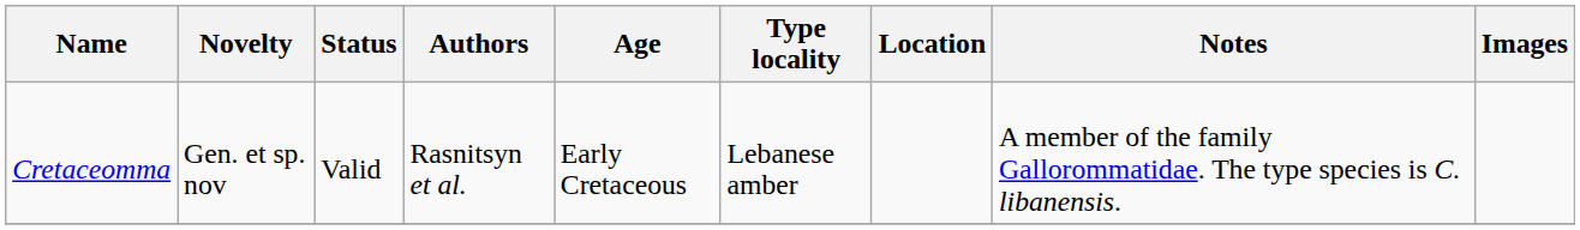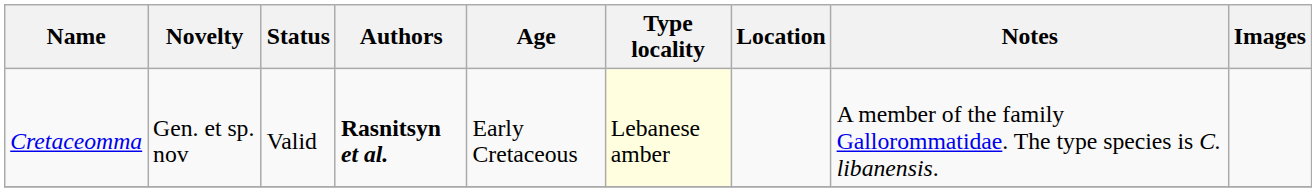 <table class="wikitable sortable" align="center" width="100%">
 <tr>
 <th>Name</th>
 <th>Novelty</th>
 <th>Status</th>
 <th>Authors</th>
 <th>Age</th>
 <th>Type locality</th>
 <th>Location</th>
 <th>Notes</th>
 <th>Images</th>
 </tr>
 <tr>
 <td><br><em><a href='#'>Cretaceomma</a></em></td>
 <td><br>Gen. et sp. nov</td>
 <td><br>Valid</td>
-<td><br>Rasnitsyn <em>et al.</em></td>
+<td><strong><br>Rasnitsyn <em>et al.</em></strong></td>
 <td><br>Early Cretaceous</td>
-<td><br>Lebanese amber</td>
+<td style="background: lightyellow;"><br>Lebanese amber</td>
 <td><br></td>
 <td><br>A member of the family <a href='#'>Gallorommatidae</a>. The type species is <em>C. libanensis</em>.</td>
 <td></td>
 </tr>
 <tr>
 </tr>
 </table>
